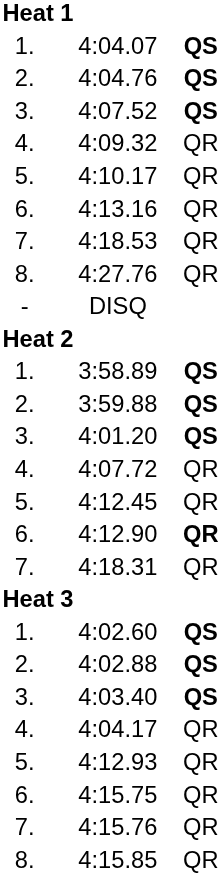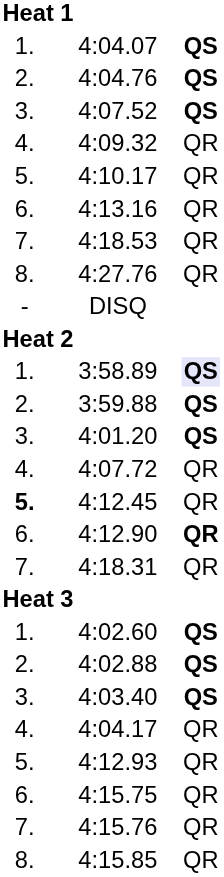 <table style="text-align:center">
 <tr>
 <td colspan=4 align=left><strong>Heat 1</strong></td>
 </tr>
 <tr>
 <td width=30>1.</td>
 <td align=left></td>
 <td width=80>4:04.07</td>
 <td><strong>QS</strong></td>
 </tr>
 <tr>
 <td>2.</td>
 <td align=left></td>
 <td>4:04.76</td>
 <td><strong>QS</strong></td>
 </tr>
 <tr>
 <td>3.</td>
 <td align=left></td>
 <td>4:07.52</td>
 <td><strong>QS</strong></td>
 </tr>
 <tr>
 <td>4.</td>
 <td align=left></td>
 <td>4:09.32</td>
 <td>QR</td>
 </tr>
 <tr>
 <td>5.</td>
 <td align=left></td>
 <td>4:10.17</td>
 <td>QR</td>
 </tr>
 <tr>
 <td>6.</td>
 <td align=left></td>
 <td>4:13.16</td>
 <td>QR</td>
 </tr>
 <tr>
 <td>7.</td>
 <td align=left></td>
 <td>4:18.53</td>
 <td>QR</td>
 </tr>
 <tr>
 <td>8.</td>
 <td align=left></td>
 <td>4:27.76</td>
 <td>QR</td>
 </tr>
 <tr>
 <td>-</td>
 <td align=left></td>
 <td>DISQ</td>
 <td></td>
 </tr>
 <tr>
 <td colspan=4 align=left><strong>Heat 2</strong></td>
 </tr>
 <tr>
 <td>1.</td>
 <td align=left></td>
 <td>3:58.89</td>
-<td><strong>QS</strong></td>
+<td style="background: lavender;"><strong>QS</strong></td>
 </tr>
 <tr>
 <td>2.</td>
 <td align=left></td>
 <td>3:59.88</td>
 <td><strong>QS</strong></td>
 </tr>
 <tr>
 <td>3.</td>
 <td align=left></td>
 <td>4:01.20</td>
 <td><strong>QS</strong></td>
 </tr>
 <tr>
 <td>4.</td>
 <td align=left></td>
 <td>4:07.72</td>
 <td>QR</td>
 </tr>
 <tr>
-<td>5.</td>
+<td><strong>5.</strong></td>
 <td align=left></td>
 <td>4:12.45</td>
 <td>QR</td>
 </tr>
 <tr>
 <td>6.</td>
 <td align=left></td>
 <td>4:12.90</td>
 <td><strong>QR</strong></td>
 </tr>
 <tr>
 <td>7.</td>
 <td align=left></td>
 <td>4:18.31</td>
 <td>QR</td>
 </tr>
 <tr>
 <td colspan=4 align=left><strong>Heat 3</strong></td>
 </tr>
 <tr>
 <td>1.</td>
 <td align=left></td>
 <td>4:02.60</td>
 <td><strong>QS</strong></td>
 </tr>
 <tr>
 <td>2.</td>
 <td align=left></td>
 <td>4:02.88</td>
 <td><strong>QS</strong></td>
 </tr>
 <tr>
 <td>3.</td>
 <td align=left></td>
 <td>4:03.40</td>
 <td><strong>QS</strong></td>
 </tr>
 <tr>
 <td>4.</td>
 <td align=left></td>
 <td>4:04.17</td>
 <td>QR</td>
 </tr>
 <tr>
 <td>5.</td>
 <td align=left></td>
 <td>4:12.93</td>
 <td>QR</td>
 </tr>
 <tr>
 <td>6.</td>
 <td align=left></td>
 <td>4:15.75</td>
 <td>QR</td>
 </tr>
 <tr>
 <td>7.</td>
 <td align=left></td>
 <td>4:15.76</td>
 <td>QR</td>
 </tr>
 <tr>
 <td>8.</td>
 <td align=left></td>
 <td>4:15.85</td>
 <td>QR</td>
 </tr>
 </table>
